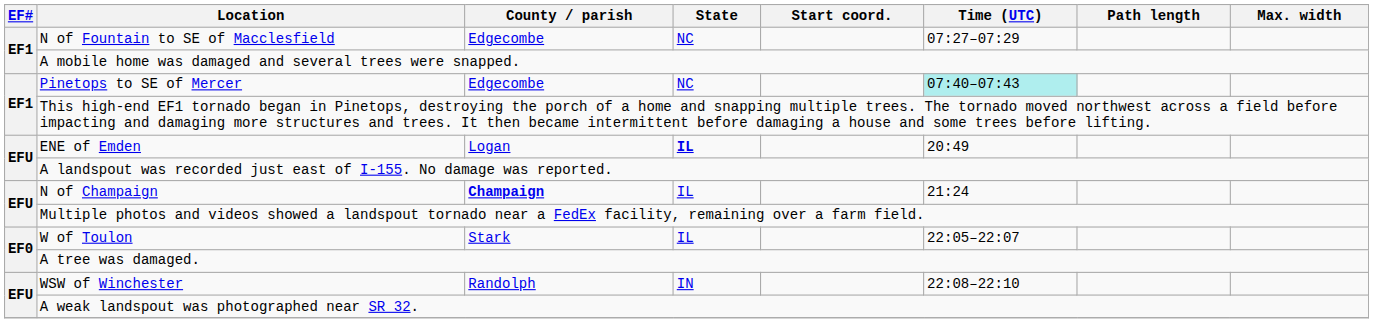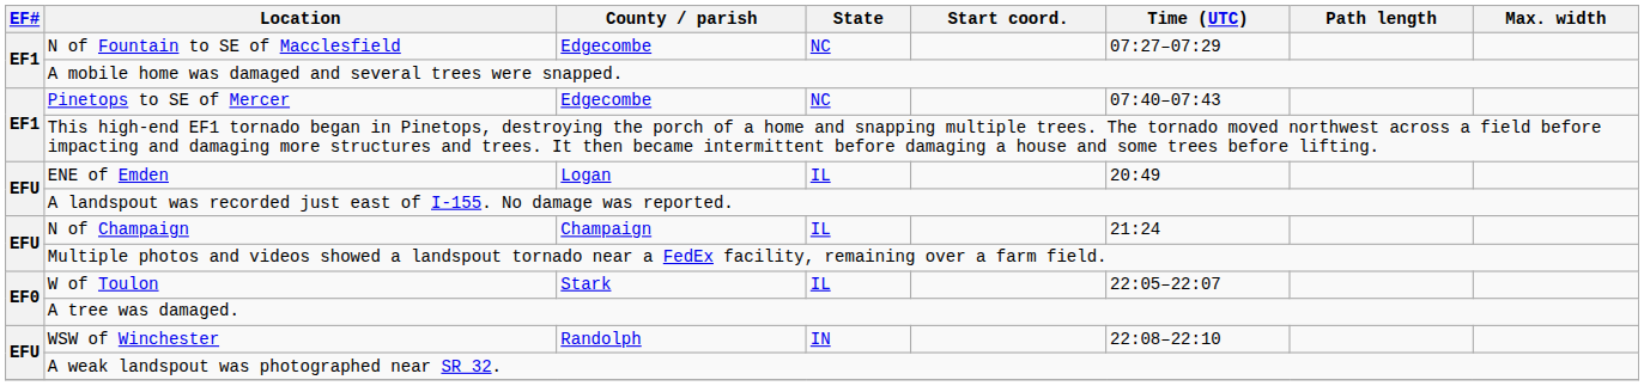 <table class="wikitable sortable" style="width:100%;">
 <tr>
 <th scope="col" width="2%" align="center"><a href='#'>EF#</a></th>
 <th scope="col" align="center" class="unsortable">Location</th>
 <th scope="col" align="center" class="unsortable">County / parish</th>
 <th scope="col" align="center">State</th>
 <th scope="col" align="center">Start coord.</th>
 <th scope="col" align="center">Time (<a href='#'>UTC</a>)</th>
 <th scope="col" align="center">Path length</th>
 <th scope="col" align="center">Max. width</th>
 </tr>
 <tr>
 <th scope="row" rowspan="2" style="background-color:#">EF1</th>
 <td>N of <a href='#'>Fountain</a> to SE of <a href='#'>Macclesfield</a></td>
 <td><a href='#'>Edgecombe</a></td>
 <td><a href='#'>NC</a></td>
 <td></td>
 <td>07:27–07:29</td>
 <td></td>
 <td></td>
 </tr>
 <tr class="expand-child">
 <td colspan="8" border-bottom: 1px solid black;>A mobile home was damaged and several trees were snapped.</td>
 </tr>
 <tr>
 <th scope="row" rowspan="2" style="background-color:#">EF1</th>
 <td><a href='#'>Pinetops</a> to SE of <a href='#'>Mercer</a></td>
 <td><a href='#'>Edgecombe</a></td>
 <td><a href='#'>NC</a></td>
 <td></td>
-<td style="background: paleturquoise;">07:40–07:43</td>
+<td>07:40–07:43</td>
 <td></td>
 <td></td>
 </tr>
 <tr class="expand-child">
 <td colspan="8" border-bottom: 1px solid black;>This high-end EF1 tornado began in Pinetops, destroying the porch of a home and snapping multiple trees. The tornado moved northwest across a field before impacting and damaging more structures and trees. It then became intermittent before damaging a house and some trees before lifting.</td>
 </tr>
 <tr>
 <th scope="row" rowspan="2" style="background-color:#">EFU</th>
 <td>ENE of <a href='#'>Emden</a></td>
 <td><a href='#'>Logan</a></td>
-<td><strong><a href='#'>IL</a></strong></td>
+<td><a href='#'>IL</a></td>
 <td></td>
 <td>20:49</td>
 <td></td>
 <td></td>
 </tr>
 <tr class="expand-child">
 <td colspan="8" border-bottom: 1px solid black;>A landspout was recorded just east of <a href='#'>I-155</a>. No damage was reported.</td>
 </tr>
 <tr>
 <th scope="row" rowspan="2" style="background-color:#">EFU</th>
 <td>N of <a href='#'>Champaign</a></td>
-<td><strong><a href='#'>Champaign</a></strong></td>
+<td><a href='#'>Champaign</a></td>
 <td><a href='#'>IL</a></td>
 <td></td>
 <td>21:24</td>
 <td></td>
 <td></td>
 </tr>
 <tr class="expand-child">
 <td colspan="8" border-bottom: 1px solid black;>Multiple photos and videos showed a landspout tornado near a <a href='#'>FedEx</a> facility, remaining over a farm field.</td>
 </tr>
 <tr>
 <th scope="row" rowspan="2" style="background-color:#">EF0</th>
 <td>W of <a href='#'>Toulon</a></td>
 <td><a href='#'>Stark</a></td>
 <td><a href='#'>IL</a></td>
 <td></td>
 <td>22:05–22:07</td>
 <td></td>
 <td></td>
 </tr>
 <tr class="expand-child">
 <td colspan="8" border-bottom: 1px solid black;>A tree was damaged.</td>
 </tr>
 <tr>
 <th scope="row" rowspan="2" style="background-color:#">EFU</th>
 <td>WSW of <a href='#'>Winchester</a></td>
 <td><a href='#'>Randolph</a></td>
 <td><a href='#'>IN</a></td>
 <td></td>
 <td>22:08–22:10</td>
 <td></td>
 <td></td>
 </tr>
 <tr class="expand-child">
 <td colspan="8" border-bottom: 1px solid black;>A weak landspout was photographed near <a href='#'>SR 32</a>.</td>
 </tr>
 <tr>
 </tr>
 </table>
